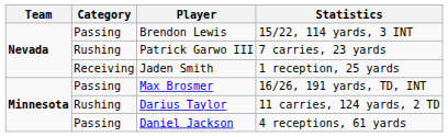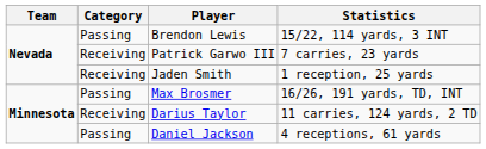 <table class="wikitable" style="float: right;">
 <tr>
 <th>Team</th>
 <th>Category</th>
 <th>Player</th>
 <th>Statistics</th>
 </tr>
 <tr>
 <td rowspan=3><strong>Nevada</strong></td>
 <td>Passing</td>
 <td>Brendon Lewis</td>
 <td>15/22, 114 yards, 3 INT</td>
 </tr>
 <tr>
-<td>Rushing</td>
+<td>Receiving</td>
 <td>Patrick Garwo III</td>
 <td>7 carries, 23 yards</td>
 </tr>
 <tr>
 <td>Receiving</td>
 <td>Jaden Smith</td>
 <td>1 reception, 25 yards</td>
 </tr>
 <tr>
 <td rowspan=3><strong>Minnesota</strong></td>
 <td>Passing</td>
 <td><a href='#'>Max Brosmer</a></td>
 <td>16/26, 191 yards, TD, INT</td>
 </tr>
 <tr>
-<td>Rushing</td>
+<td>Receiving</td>
 <td><a href='#'>Darius Taylor</a></td>
 <td>11 carries, 124 yards, 2 TD</td>
 </tr>
 <tr>
 <td>Passing</td>
 <td><a href='#'>Daniel Jackson</a></td>
 <td>4 receptions, 61 yards</td>
 </tr>
 </table>
